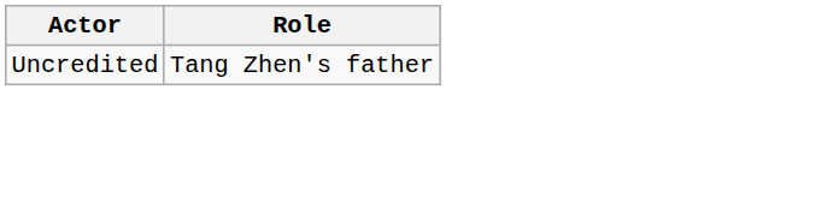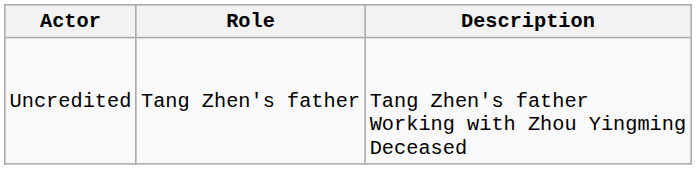 <table class="wikitable">
 <tr>
 <th>Actor</th>
 <th>Role</th>
+<th>Description</th>
 </tr>
 <tr>
 <td>Uncredited</td>
 <td>Tang Zhen's father</td>
+<td><br><br>Tang Zhen's father <br> Working with Zhou Yingming <br> Deceased</td>
 </tr>
 </table>
